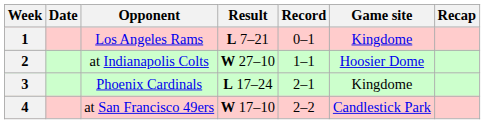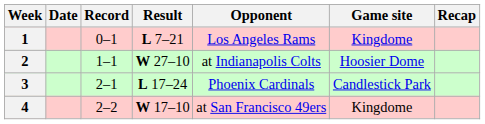 <table class="wikitable" style="text-align:center">
 <tr>
 <th>Week</th>
 <th>Date</th>
+<th>Record</th>
+<th>Result</th>
 <th>Opponent</th>
-<th>Result</th>
-<th>Record</th>
 <th>Game site</th>
 <th>Recap</th>
 </tr>
 <tr style="background:#fcc">
 <th>1</th>
 <td></td>
+<td>0–1</td>
+<td><strong>L</strong> 7–21</td>
 <td><a href='#'>Los Angeles Rams</a></td>
-<td><strong>L</strong> 7–21</td>
-<td>0–1</td>
 <td><a href='#'>Kingdome</a></td>
 <td></td>
 </tr>
 <tr style="background:#cfc">
 <th>2</th>
 <td></td>
+<td>1–1</td>
+<td><strong>W</strong> 27–10</td>
 <td>at <a href='#'>Indianapolis Colts</a></td>
-<td><strong>W</strong> 27–10</td>
-<td>1–1</td>
 <td><a href='#'>Hoosier Dome</a></td>
 <td></td>
 </tr>
 <tr style="background:#cfc">
 <th>3</th>
 <td></td>
+<td>2–1</td>
+<td><strong>L</strong> 17–24</td>
 <td><a href='#'>Phoenix Cardinals</a></td>
-<td><strong>L</strong> 17–24</td>
-<td>2–1</td>
-<td>Kingdome</td>
+<td><a href='#'>Candlestick Park</a></td>
 <td></td>
 </tr>
 <tr style="background:#fcc">
 <th>4</th>
 <td></td>
+<td>2–2</td>
+<td><strong>W</strong> 17–10</td>
 <td>at <a href='#'>San Francisco 49ers</a></td>
-<td><strong>W</strong> 17–10</td>
-<td>2–2</td>
-<td><a href='#'>Candlestick Park</a></td>
+<td>Kingdome</td>
 <td></td>
 </tr>
 </table>
